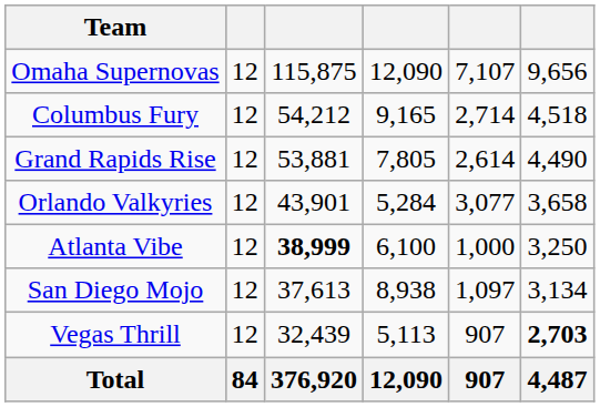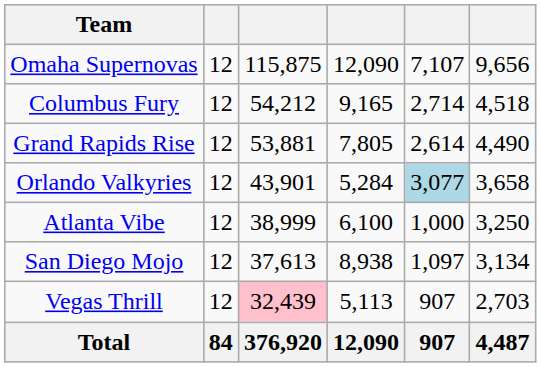 <table class="wikitable sortable" style="font-size: 95%;text-align: center;">
 <tr>
 <th scope="col">Team</th>
 <th scope="col"></th>
 <th scope="col"></th>
 <th scope="col"></th>
 <th scope="col"></th>
 <th scope="col"></th>
 </tr>
 <tr>
 <td><a href='#'>Omaha Supernovas</a></td>
 <td>12</td>
 <td>115,875</td>
 <td>12,090</td>
 <td>7,107</td>
 <td>9,656</td>
 </tr>
 <tr>
 <td><a href='#'>Columbus Fury</a></td>
 <td>12</td>
 <td>54,212</td>
 <td>9,165</td>
 <td>2,714</td>
 <td>4,518</td>
 </tr>
 <tr>
 <td><a href='#'>Grand Rapids Rise</a></td>
 <td>12</td>
 <td>53,881</td>
 <td>7,805</td>
 <td>2,614</td>
 <td>4,490</td>
 </tr>
 <tr>
 <td><a href='#'>Orlando Valkyries</a></td>
 <td>12</td>
 <td>43,901</td>
 <td>5,284</td>
-<td>3,077</td>
+<td style="background: lightblue;">3,077</td>
 <td>3,658</td>
 </tr>
 <tr>
 <td><a href='#'>Atlanta Vibe</a></td>
 <td>12</td>
-<td><strong>38,999</strong></td>
+<td>38,999</td>
 <td>6,100</td>
 <td>1,000</td>
 <td>3,250</td>
 </tr>
 <tr>
 <td><a href='#'>San Diego Mojo</a></td>
 <td>12</td>
 <td>37,613</td>
 <td>8,938</td>
 <td>1,097</td>
 <td>3,134</td>
 </tr>
 <tr>
 <td><a href='#'>Vegas Thrill</a></td>
 <td>12</td>
-<td>32,439</td>
+<td style="background: pink;">32,439</td>
 <td>5,113</td>
 <td>907</td>
-<td><strong>2,703</strong></td>
+<td>2,703</td>
 </tr>
 <tr>
 <th scope="row">Total</th>
 <th>84</th>
 <th>376,920</th>
 <th>12,090</th>
 <th>907</th>
 <th>4,487</th>
 </tr>
 </table>
